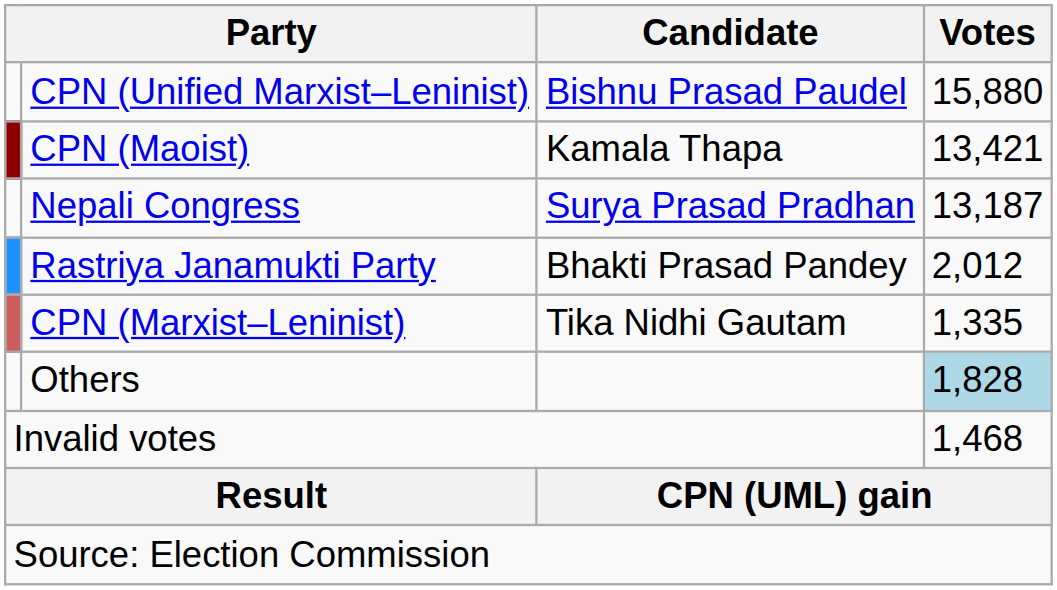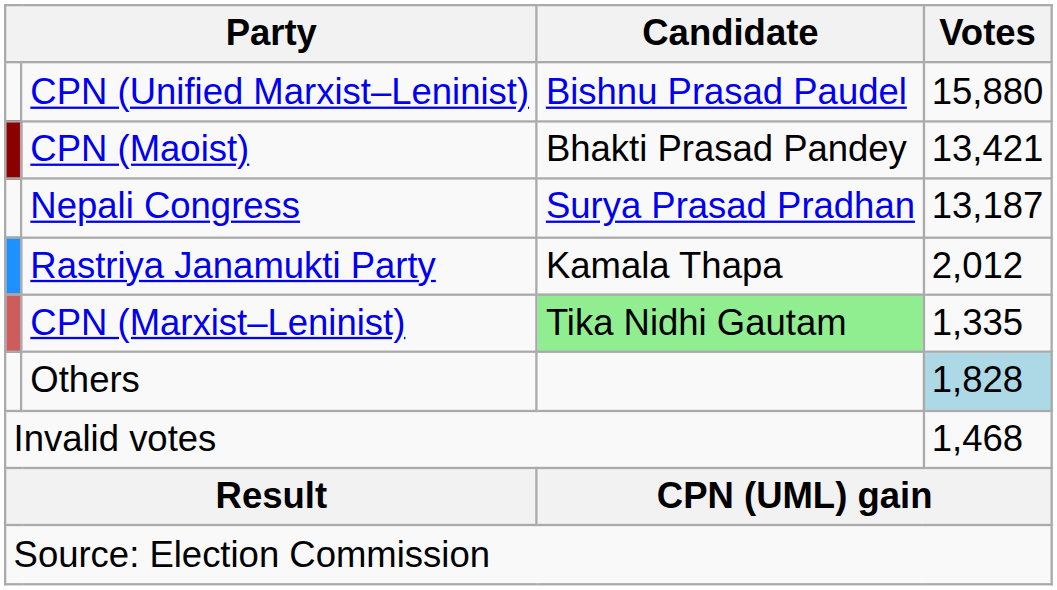 <table class="wikitable">
 <tr>
 <th colspan="2">Party</th>
 <th>Candidate</th>
 <th>Votes</th>
 </tr>
 <tr>
 <td style="background-color:"></td>
 <td><a href='#'>CPN (Unified Marxist–Leninist)</a></td>
 <td><a href='#'>Bishnu Prasad Paudel</a></td>
 <td>15,880</td>
 </tr>
 <tr>
 <td style="background-color:darkred"></td>
 <td><a href='#'>CPN (Maoist)</a></td>
-<td>Kamala Thapa</td>
+<td>Bhakti Prasad Pandey</td>
 <td>13,421</td>
 </tr>
 <tr>
 <td style="background-color:"></td>
 <td><a href='#'>Nepali Congress</a></td>
 <td><a href='#'>Surya Prasad Pradhan</a></td>
 <td>13,187</td>
 </tr>
 <tr>
 <td style="background-color:dodgerblue"></td>
 <td><a href='#'>Rastriya Janamukti Party</a></td>
-<td>Bhakti Prasad Pandey</td>
+<td>Kamala Thapa</td>
 <td>2,012</td>
 </tr>
 <tr>
 <td style="background-color:indianred"></td>
 <td><a href='#'>CPN (Marxist–Leninist)</a></td>
-<td>Tika Nidhi Gautam</td>
+<td style="background: lightgreen;">Tika Nidhi Gautam</td>
 <td>1,335</td>
 </tr>
 <tr>
 <td></td>
 <td>Others</td>
 <td></td>
 <td style="background: lightblue;">1,828</td>
 </tr>
 <tr>
 <td colspan="3">Invalid votes</td>
 <td>1,468</td>
 </tr>
 <tr>
 <th colspan="2">Result</th>
 <th colspan="2">CPN (UML) gain</th>
 </tr>
 <tr>
 <td colspan="4">Source: Election Commission</td>
 </tr>
 </table>
